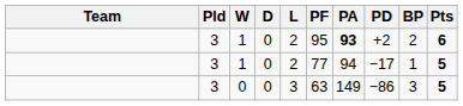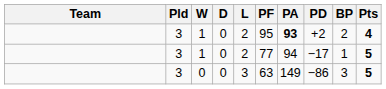 <table class="wikitable" style="text-align:center;">
 <tr>
 <th width=200>Team</th>
 <th width=20>Pld</th>
 <th width=20>W</th>
 <th width=20>D</th>
 <th width=20>L</th>
 <th width=20>PF</th>
 <th width=20>PA</th>
 <th width=30>PD</th>
 <th width=20>BP</th>
 <th width=20>Pts</th>
 </tr>
 <tr>
 <td style="text-align:left"></td>
 <td>3</td>
 <td>1</td>
 <td>0</td>
 <td>2</td>
 <td>95</td>
 <td><strong>93</strong></td>
 <td>+2</td>
 <td>2</td>
-<td><strong>6</strong></td>
+<td><strong>4</strong></td>
 </tr>
 <tr>
 <td style="text-align:left"></td>
 <td>3</td>
 <td>1</td>
 <td>0</td>
 <td>2</td>
 <td>77</td>
 <td>94</td>
 <td>−17</td>
 <td>1</td>
 <td><strong>5</strong></td>
 </tr>
 <tr>
 <td style="text-align:left"></td>
 <td>3</td>
 <td>0</td>
 <td>0</td>
 <td>3</td>
 <td>63</td>
 <td>149</td>
 <td>−86</td>
 <td>3</td>
 <td><strong>5</strong></td>
 </tr>
 </table>
